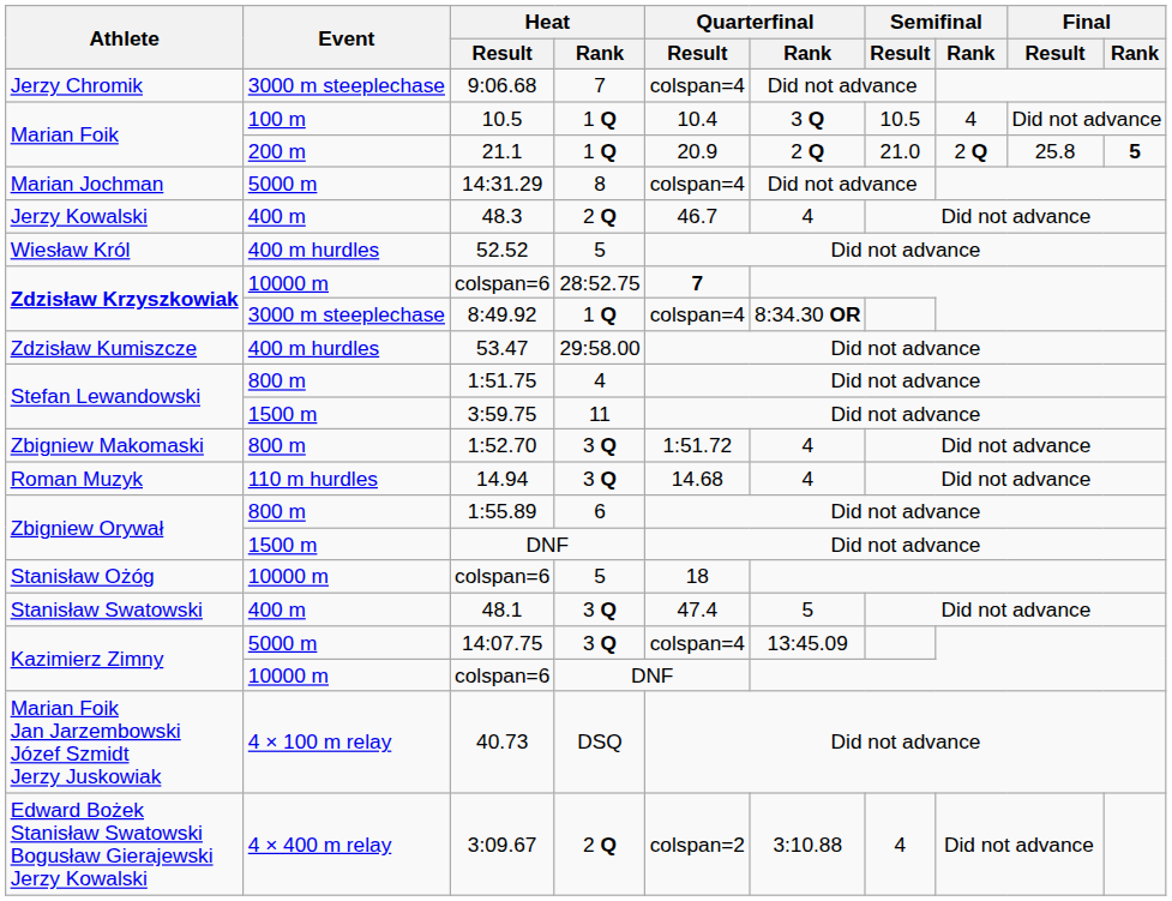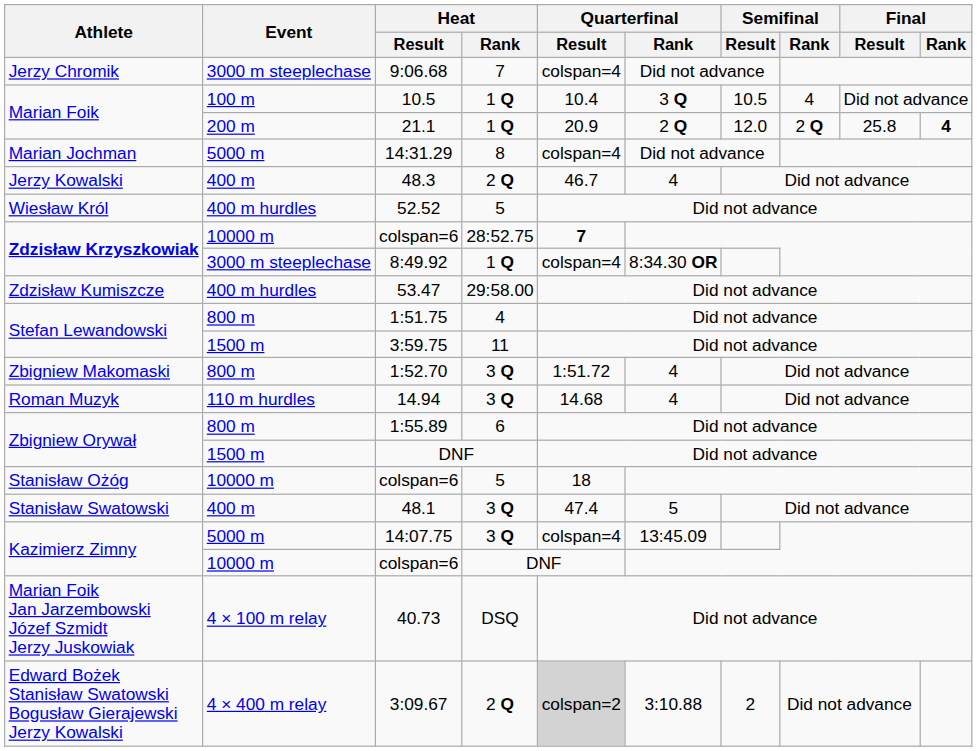 <table class="wikitable" style="font-size:90%">
 <tr>
 <th rowspan="2">Athlete</th>
 <th rowspan="2">Event</th>
 <th colspan="2">Heat</th>
 <th colspan="2">Quarterfinal</th>
 <th colspan="2">Semifinal</th>
 <th colspan="2">Final</th>
 </tr>
 <tr style="font-size:95%">
 <th>Result</th>
 <th>Rank</th>
 <th>Result</th>
 <th>Rank</th>
 <th>Result</th>
 <th>Rank</th>
 <th>Result</th>
 <th>Rank</th>
 </tr>
 <tr align=center>
 <td align=left><a href='#'>Jerzy Chromik</a></td>
 <td align=left><a href='#'>3000 m steeplechase</a></td>
 <td>9:06.68</td>
 <td>7</td>
 <td>colspan=4 </td>
 <td colspan=2>Did not advance</td>
 </tr>
 <tr align=center>
 <td align=left rowspan=2><a href='#'>Marian Foik</a></td>
 <td align=left><a href='#'>100 m</a></td>
 <td>10.5</td>
 <td>1 <strong>Q</strong></td>
 <td>10.4</td>
 <td>3 <strong>Q</strong></td>
 <td>10.5</td>
 <td>4</td>
 <td colspan=2>Did not advance</td>
 </tr>
 <tr align=center>
 <td align=left><a href='#'>200 m</a></td>
 <td>21.1</td>
 <td>1 <strong>Q</strong></td>
 <td>20.9</td>
 <td>2 <strong>Q</strong></td>
-<td>21.0</td>
+<td>12.0</td>
 <td>2 <strong>Q</strong></td>
 <td>25.8</td>
-<td><strong>5</strong></td>
+<td><strong>4</strong></td>
 </tr>
 <tr align=center>
 <td align=left><a href='#'>Marian Jochman</a></td>
 <td align=left><a href='#'>5000 m</a></td>
 <td>14:31.29</td>
 <td>8</td>
 <td>colspan=4 </td>
 <td colspan=2>Did not advance</td>
 </tr>
 <tr align=center>
 <td align=left><a href='#'>Jerzy Kowalski</a></td>
 <td align=left><a href='#'>400 m</a></td>
 <td>48.3</td>
 <td>2 <strong>Q</strong></td>
 <td>46.7</td>
 <td>4</td>
 <td colspan=4>Did not advance</td>
 </tr>
 <tr align=center>
 <td align=left><a href='#'>Wiesław Król</a></td>
 <td align=left><a href='#'>400 m hurdles</a></td>
 <td>52.52</td>
 <td>5</td>
 <td colspan=6>Did not advance</td>
 </tr>
 <tr align=center>
 <td align=left rowspan=2><strong><a href='#'>Zdzisław Krzyszkowiak</a></strong></td>
 <td align=left><a href='#'>10000 m</a></td>
 <td>colspan=6 </td>
 <td>28:52.75</td>
 <td><strong>7</strong></td>
 </tr>
 <tr align=center>
 <td align=left><a href='#'>3000 m steeplechase</a></td>
 <td>8:49.92</td>
 <td>1 <strong>Q</strong></td>
 <td>colspan=4 </td>
 <td>8:34.30 <strong>OR</strong></td>
 <td></td>
 </tr>
 <tr align=center>
 <td align=left><a href='#'>Zdzisław Kumiszcze</a></td>
 <td align=left><a href='#'>400 m hurdles</a></td>
 <td>53.47</td>
 <td>29:58.00</td>
 <td colspan=6>Did not advance</td>
 </tr>
 <tr align=center>
 <td align=left rowspan=2><a href='#'>Stefan Lewandowski</a></td>
 <td align=left><a href='#'>800 m</a></td>
 <td>1:51.75</td>
 <td>4</td>
 <td colspan=6>Did not advance</td>
 </tr>
 <tr align=center>
 <td align=left><a href='#'>1500 m</a></td>
 <td>3:59.75</td>
 <td>11</td>
 <td colspan=6>Did not advance</td>
 </tr>
 <tr align=center>
 <td align=left><a href='#'>Zbigniew Makomaski</a></td>
 <td align=left><a href='#'>800 m</a></td>
 <td>1:52.70</td>
 <td>3 <strong>Q</strong></td>
 <td>1:51.72</td>
 <td>4</td>
 <td colspan=6>Did not advance</td>
 </tr>
 <tr align=center>
 <td align=left><a href='#'>Roman Muzyk</a></td>
 <td align=left><a href='#'>110 m hurdles</a></td>
 <td>14.94</td>
 <td>3 <strong>Q</strong></td>
 <td>14.68</td>
 <td>4</td>
 <td colspan=4>Did not advance</td>
 </tr>
 <tr align=center>
 <td align=left rowspan=2><a href='#'>Zbigniew Orywał</a></td>
 <td align=left><a href='#'>800 m</a></td>
 <td>1:55.89</td>
 <td>6</td>
 <td colspan=6>Did not advance</td>
 </tr>
 <tr align=center>
 <td align=left><a href='#'>1500 m</a></td>
 <td colspan=2>DNF</td>
 <td colspan=6>Did not advance</td>
 </tr>
 <tr align=center>
 <td align=left><a href='#'>Stanisław Ożóg</a></td>
 <td align=left><a href='#'>10000 m</a></td>
 <td>colspan=6 </td>
 <td>5</td>
 <td>18</td>
 </tr>
 <tr align=center>
 <td align=left><a href='#'>Stanisław Swatowski</a></td>
 <td align=left><a href='#'>400 m</a></td>
 <td>48.1</td>
 <td>3 <strong>Q</strong></td>
 <td>47.4</td>
 <td>5</td>
 <td colspan=4>Did not advance</td>
 </tr>
 <tr align=center>
 <td align=left rowspan=2><a href='#'>Kazimierz Zimny</a></td>
 <td align=left><a href='#'>5000 m</a></td>
 <td>14:07.75</td>
 <td>3 <strong>Q</strong></td>
 <td>colspan=4 </td>
 <td>13:45.09</td>
 <td></td>
 </tr>
 <tr align=center>
 <td align=left><a href='#'>10000 m</a></td>
 <td>colspan=6 </td>
 <td colspan=2>DNF</td>
 </tr>
 <tr align=center>
 <td align=left><a href='#'>Marian Foik</a><br><a href='#'>Jan Jarzembowski</a><br><a href='#'>Józef Szmidt</a><br><a href='#'>Jerzy Juskowiak</a></td>
 <td align=left><a href='#'>4 × 100 m relay</a></td>
 <td>40.73</td>
 <td>DSQ</td>
 <td colspan=6>Did not advance</td>
 </tr>
 <tr align=center>
 <td align=left><a href='#'>Edward Bożek</a><br><a href='#'>Stanisław Swatowski</a><br><a href='#'>Bogusław Gierajewski</a><br><a href='#'>Jerzy Kowalski</a></td>
 <td align=left><a href='#'>4 × 400 m relay</a></td>
 <td>3:09.67</td>
 <td>2 <strong>Q</strong></td>
-<td>colspan=2 </td>
+<td style="background: lightgrey;">colspan=2 </td>
 <td>3:10.88</td>
-<td>4</td>
+<td>2</td>
 <td colspan=2>Did not advance</td>
 </tr>
 </table>
